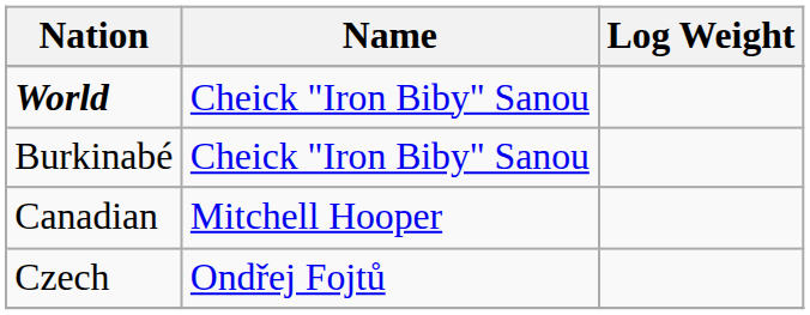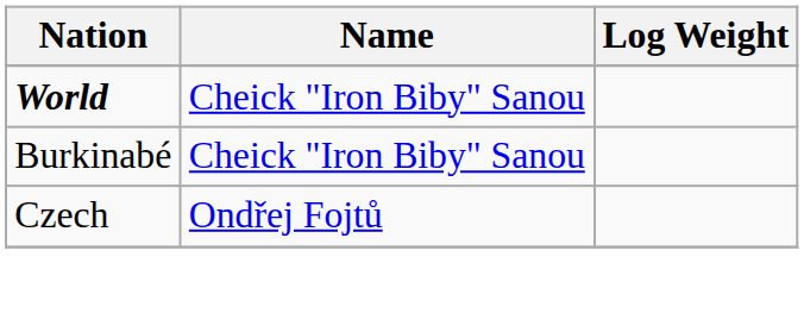 <table class="wikitable" style="display: inline-table">
 <tr>
 <th>Nation</th>
 <th>Name</th>
 <th>Log Weight</th>
 </tr>
 <tr>
 </tr>
 <tr>
 <td><strong><em>World</em></strong></td>
 <td><a href='#'>Cheick "Iron Biby" Sanou</a></td>
 <td></td>
 </tr>
 <tr>
 <td> Burkinabé</td>
 <td><a href='#'>Cheick "Iron Biby" Sanou</a></td>
 <td></td>
 </tr>
 <tr>
-<td> Canadian</td>
-<td><a href='#'>Mitchell Hooper</a></td>
-<td></td>
-</tr>
-<tr>
 <td> Czech</td>
 <td><a href='#'>Ondřej Fojtů</a></td>
 <td></td>
 </tr>
 <tr>
 </tr>
 </table>
